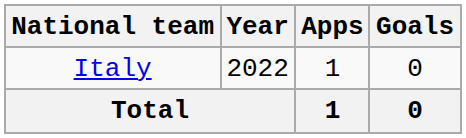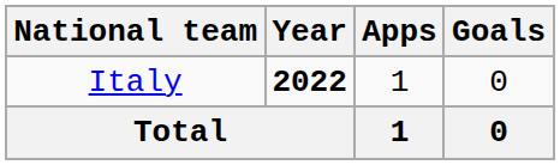 <table class="wikitable" style="text-align:center">
 <tr>
 <th>National team</th>
 <th>Year</th>
 <th>Apps</th>
 <th>Goals</th>
 </tr>
 <tr>
 <td><a href='#'>Italy</a></td>
-<td>2022</td>
+<td><strong>2022</strong></td>
 <td>1</td>
 <td>0</td>
 </tr>
 <tr>
 <th colspan="2">Total</th>
 <th>1</th>
 <th>0</th>
 </tr>
 </table>
